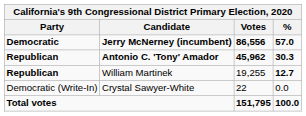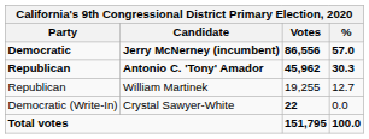 <table class="wikitable">
 <tr>
 <th colspan="4">California's 9th Congressional District Primary Election, 2020</th>
 </tr>
 <tr>
 <th>Party</th>
 <th>Candidate</th>
 <th>Votes</th>
 <th>%</th>
 </tr>
 <tr>
 <td><strong>Democratic</strong></td>
 <td><strong>Jerry McNerney (incumbent)</strong></td>
 <td><strong>86,556</strong></td>
 <td><strong>57.0</strong></td>
 </tr>
 <tr>
 <td><strong>Republican</strong></td>
 <td><strong>Antonio C. 'Tony' Amador</strong></td>
 <td><strong>45,962</strong></td>
 <td><strong>30.3</strong></td>
 </tr>
 <tr>
-<td><strong>Republican</strong></td>
+<td>Republican</td>
 <td>William Martinek</td>
 <td>19,255</td>
-<td><strong>12.7</strong></td>
+<td>12.7</td>
 </tr>
 <tr>
 <td>Democratic (Write-In)</td>
 <td>Crystal Sawyer-White</td>
-<td>22</td>
+<td><strong>22</strong></td>
 <td>0.0</td>
 </tr>
 <tr>
 <td colspan="2"><strong>Total votes</strong></td>
 <td><strong>151,795</strong></td>
 <td><strong>100.0</strong></td>
 </tr>
 </table>
